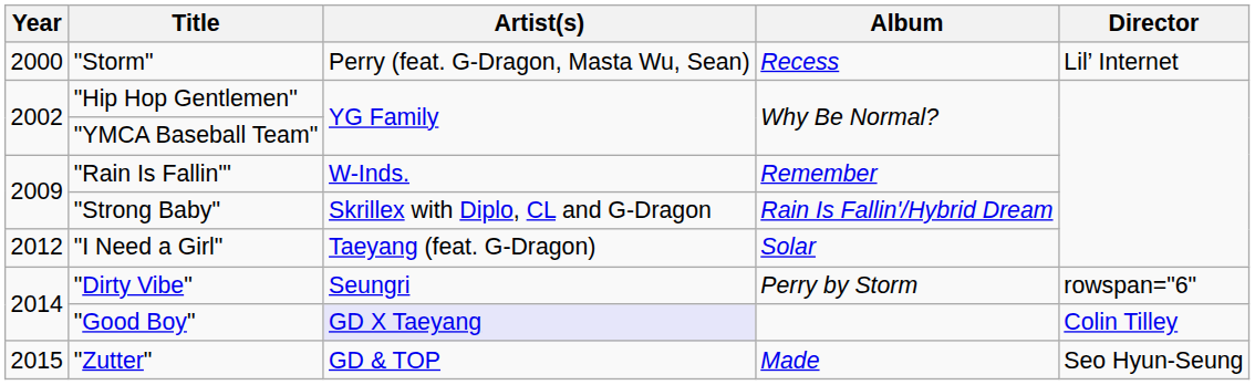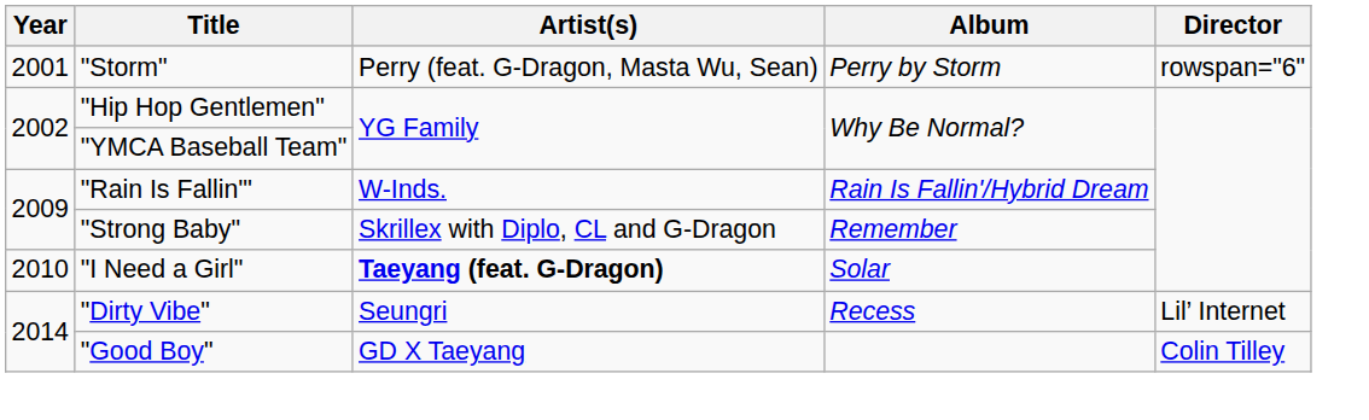 <table class="wikitable plainrowheaders">
 <tr>
 <th scope="col">Year</th>
 <th scope="col">Title</th>
 <th scope="col">Artist(s)</th>
 <th soope="col">Album</th>
 <th scope="col">Director</th>
 </tr>
 <tr>
-<td>2000</td>
+<td>2001</td>
 <td>"Storm"</td>
 <td>Perry (feat. G-Dragon, Masta Wu, Sean)</td>
-<td><em><a href='#'>Recess</a></em></td>
-<td>Lil’ Internet</td>
+<td><em>Perry by Storm</em></td>
+<td>rowspan="6" </td>
 </tr>
 <tr>
 <td rowspan="2">2002</td>
 <td>"Hip Hop Gentlemen"</td>
 <td rowspan=2><a href='#'>YG Family</a></td>
 <td rowspan=2><em>Why Be Normal?</em></td>
 </tr>
 <tr>
 <td>"YMCA Baseball Team"</td>
 </tr>
 <tr>
 <td rowspan="2">2009</td>
 <td>"Rain Is Fallin'"</td>
 <td><a href='#'>W-Inds.</a></td>
-<td><em><a href='#'>Remember</a></em></td>
+<td><em><a href='#'>Rain Is Fallin'/Hybrid Dream</a></em></td>
 </tr>
 <tr>
 <td>"Strong Baby"</td>
 <td><a href='#'>Skrillex</a> with <a href='#'>Diplo</a>, <a href='#'>CL</a> and G-Dragon</td>
-<td><em><a href='#'>Rain Is Fallin'/Hybrid Dream</a></em></td>
+<td><em><a href='#'>Remember</a></em></td>
 </tr>
 <tr>
-<td>2012</td>
+<td>2010</td>
 <td>"I Need a Girl"</td>
-<td><a href='#'>Taeyang</a> (feat. G-Dragon)</td>
+<td><strong><a href='#'>Taeyang</a> (feat. G-Dragon)</strong></td>
 <td><em><a href='#'>Solar</a></em></td>
 </tr>
 <tr>
 <td rowspan="2">2014</td>
 <td>"<a href='#'>Dirty Vibe</a>"</td>
 <td><a href='#'>Seungri</a></td>
-<td><em>Perry by Storm</em></td>
-<td>rowspan="6" </td>
+<td><em><a href='#'>Recess</a></em></td>
+<td>Lil’ Internet</td>
 </tr>
 <tr>
 <td>"<a href='#'>Good Boy</a>"</td>
-<td style="background: lavender;"><a href='#'>GD X Taeyang</a></td>
+<td><a href='#'>GD X Taeyang</a></td>
 <td></td>
 <td><a href='#'>Colin Tilley</a></td>
 </tr>
-<tr>
-<td>2015</td>
-<td>"<a href='#'>Zutter</a>"</td>
-<td><a href='#'>GD & TOP</a></td>
-<td><em><a href='#'>Made</a></em></td>
-<td>Seo Hyun-Seung</td>
-</tr>
 </table>
